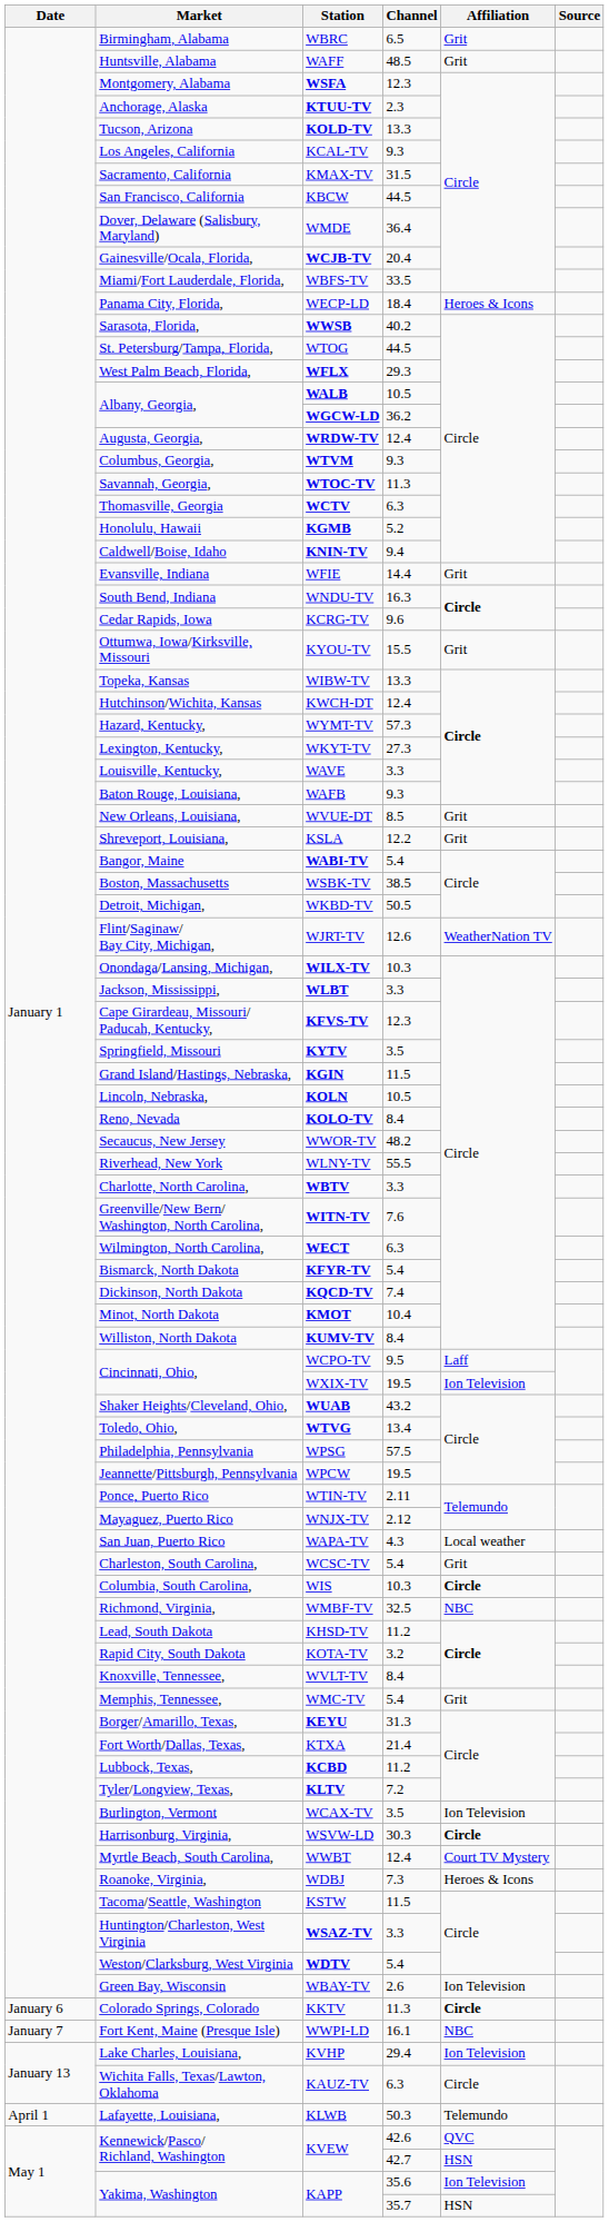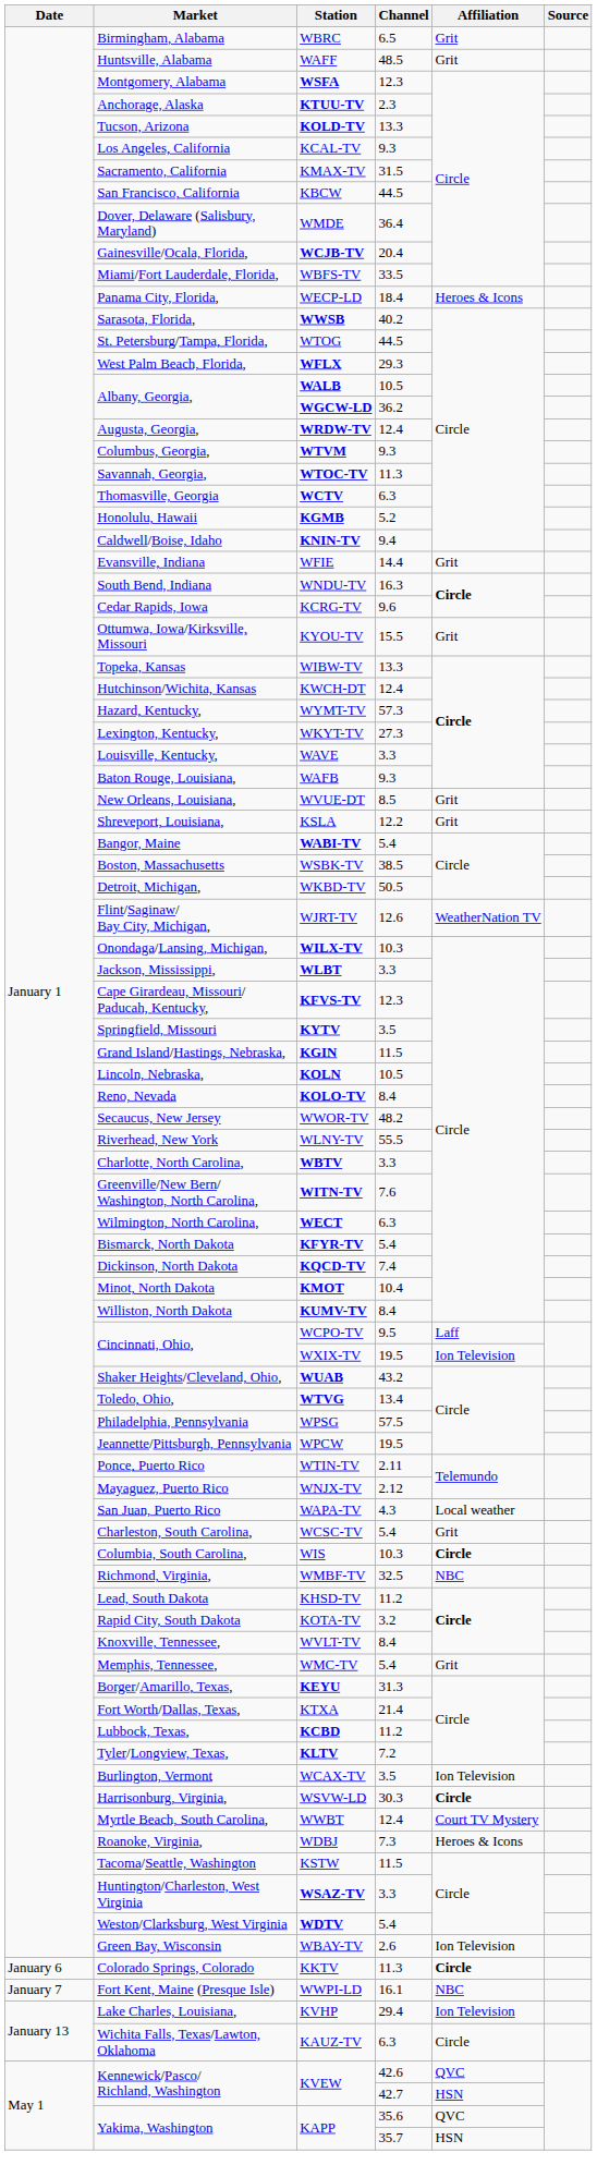 <table class="wikitable">
 <tr>
 <th style="text-align:center; width:95px;">Date</th>
 <th style="text-align:center; width:225px;">Market</th>
 <th style="text-align:center; width=75px;">Station</th>
 <th style="text-align:center; width=30px;">Channel</th>
 <th style="text-align:center; width=225px;">Affiliation</th>
 <th style="text-align:center;">Source</th>
 </tr>
 <tr>
 <td rowspan=83>January 1</td>
 <td><a href='#'>Birmingham, Alabama</a></td>
 <td><a href='#'>WBRC</a></td>
 <td>6.5</td>
 <td><a href='#'>Grit</a> </td>
 <td></td>
 </tr>
 <tr>
 <td><a href='#'>Huntsville, Alabama</a></td>
 <td><a href='#'>WAFF</a></td>
 <td>48.5</td>
 <td>Grit </td>
 <td></td>
 </tr>
 <tr>
 <td><a href='#'>Montgomery, Alabama</a></td>
 <td><strong><a href='#'>WSFA</a></strong></td>
 <td>12.3</td>
 <td rowspan=9><a href='#'>Circle</a></td>
 <td></td>
 </tr>
 <tr>
 <td><a href='#'>Anchorage, Alaska</a></td>
 <td><strong><a href='#'>KTUU-TV</a></strong></td>
 <td>2.3</td>
 <td></td>
 </tr>
 <tr>
 <td><a href='#'>Tucson, Arizona</a></td>
 <td><strong><a href='#'>KOLD-TV</a></strong></td>
 <td>13.3</td>
 <td></td>
 </tr>
 <tr>
 <td><a href='#'>Los Angeles, California</a></td>
 <td><a href='#'>KCAL-TV</a></td>
 <td>9.3</td>
 <td></td>
 </tr>
 <tr>
 <td><a href='#'>Sacramento, California</a></td>
 <td><a href='#'>KMAX-TV</a></td>
 <td>31.5</td>
 <td></td>
 </tr>
 <tr>
 <td><a href='#'>San Francisco, California</a></td>
 <td><a href='#'>KBCW</a></td>
 <td>44.5</td>
 <td></td>
 </tr>
 <tr>
 <td><a href='#'>Dover, Delaware</a> (<a href='#'>Salisbury, Maryland</a>)</td>
 <td><a href='#'>WMDE</a></td>
 <td>36.4</td>
 <td></td>
 </tr>
 <tr>
 <td><a href='#'>Gainesville</a>/<a href='#'>Ocala, Florida</a>,</td>
 <td><strong><a href='#'>WCJB-TV</a></strong></td>
 <td>20.4</td>
 <td></td>
 </tr>
 <tr>
 <td><a href='#'>Miami</a>/<a href='#'>Fort Lauderdale, Florida</a>,</td>
 <td><a href='#'>WBFS-TV</a></td>
 <td>33.5</td>
 <td></td>
 </tr>
 <tr>
 <td><a href='#'>Panama City, Florida</a>,</td>
 <td><a href='#'>WECP-LD</a></td>
 <td>18.4</td>
 <td><a href='#'>Heroes & Icons</a> </td>
 <td></td>
 </tr>
 <tr>
 <td><a href='#'>Sarasota, Florida</a>,</td>
 <td><strong><a href='#'>WWSB</a></strong></td>
 <td>40.2</td>
 <td rowspan=11>Circle</td>
 <td></td>
 </tr>
 <tr>
 <td><a href='#'>St. Petersburg</a>/<a href='#'>Tampa, Florida</a>,</td>
 <td><a href='#'>WTOG</a></td>
 <td>44.5</td>
 <td></td>
 </tr>
 <tr>
 <td><a href='#'>West Palm Beach, Florida</a>,</td>
 <td><strong><a href='#'>WFLX</a></strong></td>
 <td>29.3</td>
 <td></td>
 </tr>
 <tr>
 <td rowspan=2><a href='#'>Albany, Georgia</a>,</td>
 <td><strong><a href='#'>WALB</a></strong></td>
 <td>10.5</td>
 <td></td>
 </tr>
 <tr>
 <td><strong><a href='#'>WGCW-LD</a></strong></td>
 <td>36.2</td>
 <td></td>
 </tr>
 <tr>
 <td><a href='#'>Augusta, Georgia</a>,</td>
 <td><strong><a href='#'>WRDW-TV</a></strong></td>
 <td>12.4</td>
 <td></td>
 </tr>
 <tr>
 <td><a href='#'>Columbus, Georgia</a>,</td>
 <td><strong><a href='#'>WTVM</a></strong></td>
 <td>9.3</td>
 <td></td>
 </tr>
 <tr>
 <td><a href='#'>Savannah, Georgia</a>,</td>
 <td><strong><a href='#'>WTOC-TV</a></strong></td>
 <td>11.3</td>
 <td></td>
 </tr>
 <tr>
 <td><a href='#'>Thomasville, Georgia</a><br></td>
 <td><strong><a href='#'>WCTV</a></strong></td>
 <td>6.3</td>
 <td></td>
 </tr>
 <tr>
 <td><a href='#'>Honolulu, Hawaii</a></td>
 <td><strong><a href='#'>KGMB</a></strong></td>
 <td>5.2</td>
 <td></td>
 </tr>
 <tr>
 <td><a href='#'>Caldwell</a>/<a href='#'>Boise, Idaho</a></td>
 <td><strong><a href='#'>KNIN-TV</a></strong></td>
 <td>9.4</td>
 <td></td>
 </tr>
 <tr>
 <td><a href='#'>Evansville, Indiana</a></td>
 <td><a href='#'>WFIE</a></td>
 <td>14.4</td>
 <td>Grit </td>
 <td></td>
 </tr>
 <tr>
 <td><a href='#'>South Bend, Indiana</a></td>
 <td><a href='#'>WNDU-TV</a></td>
 <td>16.3</td>
 <td rowspan=2><strong>Circle</strong></td>
 <td></td>
 </tr>
 <tr>
 <td><a href='#'>Cedar Rapids, Iowa</a></td>
 <td><a href='#'>KCRG-TV</a></td>
 <td>9.6</td>
 <td></td>
 </tr>
 <tr>
 <td><a href='#'>Ottumwa, Iowa</a>/<a href='#'>Kirksville, Missouri</a></td>
 <td><a href='#'>KYOU-TV</a></td>
 <td>15.5</td>
 <td>Grit </td>
 <td></td>
 </tr>
 <tr>
 <td><a href='#'>Topeka, Kansas</a></td>
 <td><a href='#'>WIBW-TV</a></td>
 <td>13.3</td>
 <td rowspan=6><strong>Circle</strong></td>
 <td></td>
 </tr>
 <tr>
 <td><a href='#'>Hutchinson</a>/<a href='#'>Wichita, Kansas</a></td>
 <td><a href='#'>KWCH-DT</a></td>
 <td>12.4</td>
 <td></td>
 </tr>
 <tr>
 <td><a href='#'>Hazard, Kentucky</a>,</td>
 <td><a href='#'>WYMT-TV</a></td>
 <td>57.3</td>
 <td></td>
 </tr>
 <tr>
 <td><a href='#'>Lexington, Kentucky</a>,</td>
 <td><a href='#'>WKYT-TV</a></td>
 <td>27.3</td>
 <td></td>
 </tr>
 <tr>
 <td><a href='#'>Louisville, Kentucky</a>,</td>
 <td><a href='#'>WAVE</a></td>
 <td>3.3</td>
 <td></td>
 </tr>
 <tr>
 <td><a href='#'>Baton Rouge, Louisiana</a>,</td>
 <td><a href='#'>WAFB</a></td>
 <td>9.3</td>
 <td></td>
 </tr>
 <tr>
 <td><a href='#'>New Orleans, Louisiana</a>,</td>
 <td><a href='#'>WVUE-DT</a></td>
 <td>8.5</td>
 <td>Grit </td>
 <td></td>
 </tr>
 <tr>
 <td><a href='#'>Shreveport, Louisiana</a>,</td>
 <td><a href='#'>KSLA</a></td>
 <td>12.2</td>
 <td>Grit </td>
 <td></td>
 </tr>
 <tr>
 <td><a href='#'>Bangor, Maine</a></td>
 <td><strong><a href='#'>WABI-TV</a></strong></td>
 <td>5.4</td>
 <td rowspan=3>Circle</td>
 <td></td>
 </tr>
 <tr>
 <td><a href='#'>Boston, Massachusetts</a></td>
 <td><a href='#'>WSBK-TV</a></td>
 <td>38.5</td>
 <td></td>
 </tr>
 <tr>
 <td><a href='#'>Detroit, Michigan</a>,</td>
 <td><a href='#'>WKBD-TV</a></td>
 <td>50.5</td>
 <td></td>
 </tr>
 <tr>
 <td><a href='#'>Flint</a>/<a href='#'>Saginaw</a>/<br><a href='#'>Bay City, Michigan</a>,</td>
 <td><a href='#'>WJRT-TV</a></td>
 <td>12.6</td>
 <td><a href='#'>WeatherNation TV</a><br></td>
 <td></td>
 </tr>
 <tr>
 <td><a href='#'>Onondaga</a>/<a href='#'>Lansing, Michigan</a>,</td>
 <td><strong><a href='#'>WILX-TV</a></strong></td>
 <td>10.3</td>
 <td rowspan=16>Circle</td>
 <td></td>
 </tr>
 <tr>
 <td><a href='#'>Jackson, Mississippi</a>,</td>
 <td><strong><a href='#'>WLBT</a></strong></td>
 <td>3.3</td>
 <td></td>
 </tr>
 <tr>
 <td><a href='#'>Cape Girardeau, Missouri</a>/<br><a href='#'>Paducah, Kentucky</a>,</td>
 <td><strong><a href='#'>KFVS-TV</a></strong></td>
 <td>12.3</td>
 <td></td>
 </tr>
 <tr>
 <td><a href='#'>Springfield, Missouri</a></td>
 <td><strong><a href='#'>KYTV</a></strong></td>
 <td>3.5</td>
 <td></td>
 </tr>
 <tr>
 <td><a href='#'>Grand Island</a>/<a href='#'>Hastings, Nebraska</a>,</td>
 <td><strong><a href='#'>KGIN</a></strong></td>
 <td>11.5</td>
 <td></td>
 </tr>
 <tr>
 <td><a href='#'>Lincoln, Nebraska</a>,</td>
 <td><strong><a href='#'>KOLN</a></strong></td>
 <td>10.5</td>
 <td></td>
 </tr>
 <tr>
 <td><a href='#'>Reno, Nevada</a></td>
 <td><strong><a href='#'>KOLO-TV</a></strong></td>
 <td>8.4</td>
 <td></td>
 </tr>
 <tr>
 <td><a href='#'>Secaucus, New Jersey</a><br></td>
 <td><a href='#'>WWOR-TV</a></td>
 <td>48.2</td>
 <td></td>
 </tr>
 <tr>
 <td><a href='#'>Riverhead, New York</a><br></td>
 <td><a href='#'>WLNY-TV</a></td>
 <td>55.5</td>
 <td></td>
 </tr>
 <tr>
 <td><a href='#'>Charlotte, North Carolina</a>,</td>
 <td><strong><a href='#'>WBTV</a></strong></td>
 <td>3.3</td>
 <td></td>
 </tr>
 <tr>
 <td><a href='#'>Greenville</a>/<a href='#'>New Bern</a>/<br><a href='#'>Washington, North Carolina</a>,</td>
 <td><strong><a href='#'>WITN-TV</a></strong></td>
 <td>7.6</td>
 <td></td>
 </tr>
 <tr>
 <td><a href='#'>Wilmington, North Carolina</a>,</td>
 <td><strong><a href='#'>WECT</a></strong></td>
 <td>6.3</td>
 <td></td>
 </tr>
 <tr>
 <td><a href='#'>Bismarck, North Dakota</a></td>
 <td><strong><a href='#'>KFYR-TV</a></strong></td>
 <td>5.4</td>
 <td></td>
 </tr>
 <tr>
 <td><a href='#'>Dickinson, North Dakota</a></td>
 <td><strong><a href='#'>KQCD-TV</a></strong></td>
 <td>7.4</td>
 <td></td>
 </tr>
 <tr>
 <td><a href='#'>Minot, North Dakota</a></td>
 <td><strong><a href='#'>KMOT</a></strong></td>
 <td>10.4</td>
 <td></td>
 </tr>
 <tr>
 <td><a href='#'>Williston, North Dakota</a></td>
 <td><strong><a href='#'>KUMV-TV</a></strong></td>
 <td>8.4</td>
 <td></td>
 </tr>
 <tr>
 <td rowspan=2><a href='#'>Cincinnati, Ohio</a>,</td>
 <td><a href='#'>WCPO-TV</a></td>
 <td>9.5</td>
 <td><a href='#'>Laff</a></td>
 <td rowspan=2></td>
 </tr>
 <tr>
 <td><a href='#'>WXIX-TV</a></td>
 <td>19.5</td>
 <td><a href='#'>Ion Television</a></td>
 </tr>
 <tr>
 <td><a href='#'>Shaker Heights</a>/<a href='#'>Cleveland, Ohio</a>,</td>
 <td><strong><a href='#'>WUAB</a></strong></td>
 <td>43.2</td>
 <td rowspan=4>Circle</td>
 <td></td>
 </tr>
 <tr>
 <td><a href='#'>Toledo, Ohio</a>,</td>
 <td><strong><a href='#'>WTVG</a></strong></td>
 <td>13.4</td>
 <td></td>
 </tr>
 <tr>
 <td><a href='#'>Philadelphia, Pennsylvania</a></td>
 <td><a href='#'>WPSG</a></td>
 <td>57.5</td>
 <td></td>
 </tr>
 <tr>
 <td><a href='#'>Jeannette</a>/<a href='#'>Pittsburgh, Pennsylvania</a></td>
 <td><a href='#'>WPCW</a></td>
 <td>19.5</td>
 <td></td>
 </tr>
 <tr>
 <td><a href='#'>Ponce, Puerto Rico</a></td>
 <td><a href='#'>WTIN-TV</a></td>
 <td>2.11</td>
 <td rowspan=2><a href='#'>Telemundo</a></td>
 <td rowspan=2></td>
 </tr>
 <tr>
 <td><a href='#'>Mayaguez, Puerto Rico</a></td>
 <td><a href='#'>WNJX-TV</a></td>
 <td>2.12</td>
 </tr>
 <tr>
 <td><a href='#'>San Juan, Puerto Rico</a></td>
 <td><a href='#'>WAPA-TV</a></td>
 <td>4.3</td>
 <td>Local weather</td>
 <td></td>
 </tr>
 <tr>
 <td><a href='#'>Charleston, South Carolina</a>,</td>
 <td><a href='#'>WCSC-TV</a></td>
 <td>5.4</td>
 <td>Grit </td>
 <td></td>
 </tr>
 <tr>
 <td><a href='#'>Columbia, South Carolina</a>,</td>
 <td><a href='#'>WIS</a></td>
 <td>10.3</td>
 <td><strong>Circle</strong></td>
 <td></td>
 </tr>
 <tr>
 <td><a href='#'>Richmond, Virginia</a>,</td>
 <td><a href='#'>WMBF-TV</a></td>
 <td>32.5</td>
 <td><a href='#'>NBC</a></td>
 <td></td>
 </tr>
 <tr>
 <td><a href='#'>Lead, South Dakota</a></td>
 <td><a href='#'>KHSD-TV</a></td>
 <td>11.2</td>
 <td rowspan=3><strong>Circle</strong></td>
 <td></td>
 </tr>
 <tr>
 <td><a href='#'>Rapid City, South Dakota</a></td>
 <td><a href='#'>KOTA-TV</a></td>
 <td>3.2</td>
 <td></td>
 </tr>
 <tr>
 <td><a href='#'>Knoxville, Tennessee</a>,</td>
 <td><a href='#'>WVLT-TV</a></td>
 <td>8.4</td>
 <td></td>
 </tr>
 <tr>
 <td><a href='#'>Memphis, Tennessee</a>,</td>
 <td><a href='#'>WMC-TV</a></td>
 <td>5.4</td>
 <td>Grit </td>
 <td></td>
 </tr>
 <tr>
 <td><a href='#'>Borger</a>/<a href='#'>Amarillo, Texas</a>,</td>
 <td><strong><a href='#'>KEYU</a></strong></td>
 <td>31.3</td>
 <td rowspan=4>Circle</td>
 <td></td>
 </tr>
 <tr>
 <td><a href='#'>Fort Worth</a>/<a href='#'>Dallas, Texas</a>,</td>
 <td><a href='#'>KTXA</a></td>
 <td>21.4</td>
 <td></td>
 </tr>
 <tr>
 <td><a href='#'>Lubbock, Texas</a>,</td>
 <td><strong><a href='#'>KCBD</a></strong></td>
 <td>11.2</td>
 <td></td>
 </tr>
 <tr>
 <td><a href='#'>Tyler</a>/<a href='#'>Longview, Texas</a>,</td>
 <td><strong><a href='#'>KLTV</a></strong></td>
 <td>7.2</td>
 <td></td>
 </tr>
 <tr>
 <td><a href='#'>Burlington, Vermont</a></td>
 <td><a href='#'>WCAX-TV</a></td>
 <td>3.5</td>
 <td>Ion Television </td>
 <td></td>
 </tr>
 <tr>
 <td><a href='#'>Harrisonburg, Virginia</a>,</td>
 <td><a href='#'>WSVW-LD</a></td>
 <td>30.3</td>
 <td><strong>Circle</strong></td>
 <td></td>
 </tr>
 <tr>
 <td><a href='#'>Myrtle Beach, South Carolina</a>,</td>
 <td><a href='#'>WWBT</a></td>
 <td>12.4</td>
 <td><a href='#'>Court TV Mystery</a> </td>
 <td></td>
 </tr>
 <tr>
 <td><a href='#'>Roanoke, Virginia</a>,</td>
 <td><a href='#'>WDBJ</a></td>
 <td>7.3</td>
 <td>Heroes & Icons </td>
 <td></td>
 </tr>
 <tr>
 <td><a href='#'>Tacoma</a>/<a href='#'>Seattle, Washington</a></td>
 <td><a href='#'>KSTW</a></td>
 <td>11.5</td>
 <td rowspan=3>Circle</td>
 <td></td>
 </tr>
 <tr>
 <td><a href='#'>Huntington</a>/<a href='#'>Charleston, West Virginia</a></td>
 <td><strong><a href='#'>WSAZ-TV</a></strong></td>
 <td>3.3</td>
 <td></td>
 </tr>
 <tr>
 <td><a href='#'>Weston</a>/<a href='#'>Clarksburg, West Virginia</a></td>
 <td><strong><a href='#'>WDTV</a></strong></td>
 <td>5.4</td>
 <td></td>
 </tr>
 <tr>
 <td><a href='#'>Green Bay, Wisconsin</a></td>
 <td><a href='#'>WBAY-TV</a></td>
 <td>2.6</td>
 <td>Ion Television </td>
 <td></td>
 </tr>
 <tr>
 <td>January 6</td>
 <td><a href='#'>Colorado Springs, Colorado</a></td>
 <td><a href='#'>KKTV</a></td>
 <td>11.3</td>
 <td><strong>Circle</strong></td>
 <td></td>
 </tr>
 <tr>
 <td>January 7</td>
 <td><a href='#'>Fort Kent, Maine</a> (<a href='#'>Presque Isle</a>)</td>
 <td><a href='#'>WWPI-LD</a></td>
 <td>16.1</td>
 <td><a href='#'>NBC</a></td>
 <td></td>
 </tr>
 <tr>
 <td rowspan=2>January 13</td>
 <td><a href='#'>Lake Charles, Louisiana</a>,</td>
 <td><a href='#'>KVHP</a></td>
 <td>29.4</td>
 <td><a href='#'>Ion Television</a> </td>
 <td></td>
 </tr>
 <tr>
 <td><a href='#'>Wichita Falls, Texas</a>/<a href='#'>Lawton, Oklahoma</a></td>
 <td><a href='#'>KAUZ-TV</a></td>
 <td>6.3</td>
 <td>Circle</td>
 <td></td>
 </tr>
 <tr>
-<td>April 1</td>
-<td><a href='#'>Lafayette, Louisiana</a>,</td>
-<td><a href='#'>KLWB</a></td>
-<td>50.3</td>
-<td>Telemundo</td>
-<td></td>
-</tr>
-<tr>
 <td rowspan=4>May 1</td>
 <td rowspan=2><a href='#'>Kennewick</a>/<a href='#'>Pasco</a>/<br><a href='#'>Richland, Washington</a></td>
 <td rowspan=2><a href='#'>KVEW</a></td>
 <td>42.6</td>
 <td><a href='#'>QVC</a></td>
 <td rowspan=4></td>
 </tr>
 <tr>
 <td>42.7</td>
 <td><a href='#'>HSN</a></td>
 </tr>
 <tr>
 <td rowspan=2><a href='#'>Yakima, Washington</a></td>
 <td rowspan=2><a href='#'>KAPP</a></td>
 <td>35.6</td>
-<td><a href='#'>Ion Television</a> </td>
+<td>QVC</td>
 </tr>
 <tr>
 <td>35.7</td>
 <td>HSN</td>
 </tr>
 </table>
